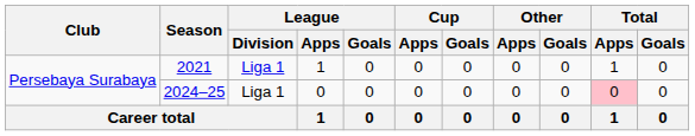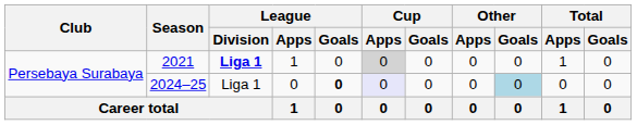 <table class="wikitable" style="text-align: center">
 <tr>
 <th rowspan="2">Club</th>
 <th rowspan="2">Season</th>
 <th colspan="3">League</th>
 <th colspan="2">Cup</th>
 <th colspan="2">Other</th>
 <th colspan="2">Total</th>
 </tr>
 <tr>
 <th>Division</th>
 <th>Apps</th>
 <th>Goals</th>
 <th>Apps</th>
 <th>Goals</th>
 <th>Apps</th>
 <th>Goals</th>
 <th>Apps</th>
 <th>Goals</th>
 </tr>
 <tr>
 <td rowspan="2"><a href='#'>Persebaya Surabaya</a></td>
 <td><a href='#'>2021</a></td>
-<td rowspan="1" valign="center"><a href='#'>Liga 1</a></td>
+<td rowspan="1" valign="center"><strong><a href='#'>Liga 1</a></strong></td>
 <td>1</td>
 <td>0</td>
-<td>0</td>
+<td style="background: lightgrey;">0</td>
 <td>0</td>
 <td>0</td>
 <td>0</td>
 <td>1</td>
 <td>0</td>
 </tr>
 <tr>
 <td><a href='#'>2024–25</a></td>
 <td>Liga 1</td>
 <td>0</td>
+<td><strong>0</strong></td>
+<td style="background: lavender;">0</td>
 <td>0</td>
 <td>0</td>
+<td style="background: lightblue;">0</td>
 <td>0</td>
-<td>0</td>
-<td>0</td>
-<td style="background: pink;">0</td>
 <td>0</td>
 </tr>
 <tr>
 <th colspan=3>Career total</th>
 <th>1</th>
 <th>0</th>
 <th>0</th>
 <th>0</th>
 <th>0</th>
 <th>0</th>
 <th>1</th>
 <th>0</th>
 </tr>
 </table>
